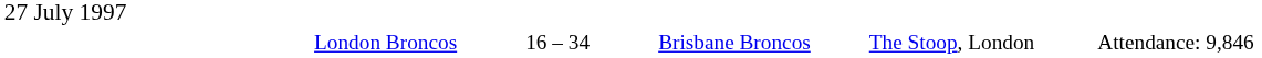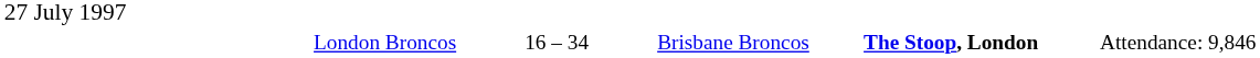 <table style="width:70%;" cellspacing="1">
 <tr>
 <th width=35%></th>
 <th width=15%></th>
 <th></th>
 </tr>
 <tr>
 <td>27 July 1997</td>
 </tr>
 <tr style=font-size:90%>
 <td align=right><a href='#'>London Broncos</a></td>
 <td align=center>16 – 34</td>
 <td><a href='#'>Brisbane Broncos</a></td>
-<td><a href='#'>The Stoop</a>, London</td>
+<td><strong><a href='#'>The Stoop</a>, London</strong></td>
 <td>Attendance: 9,846</td>
 </tr>
 </table>
